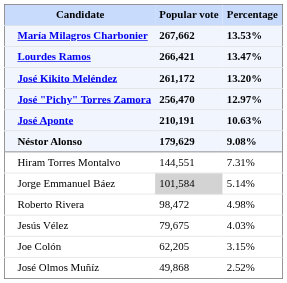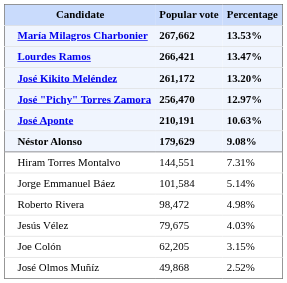 <table style="border: 1px solid #666666; border-collapse: collapse" align="center" cellpadding="6">
 <tr style="background-color: #C9DBFC">
 <th colspan="2">Candidate</th>
 <th>Popular vote</th>
 <th>Percentage</th>
 </tr>
 <tr style="background-color: #F0F5FE">
 <td style="border-top: 1px solid #DDDDDD"></td>
 <td style="border-top: 1px solid #DDDDDD"><strong><a href='#'>María Milagros Charbonier</a></strong></td>
 <td style="border-top: 1px solid #DDDDDD"><strong>267,662</strong></td>
 <td style="border-top: 1px solid #DDDDDD"><strong>13.53%</strong></td>
 </tr>
 <tr style="background-color: #F0F5FE">
 <td style="border-top: 1px solid #DDDDDD"></td>
 <td style="border-top: 1px solid #DDDDDD"><strong><a href='#'>Lourdes Ramos</a></strong></td>
 <td style="border-top: 1px solid #DDDDDD"><strong>266,421</strong></td>
 <td style="border-top: 1px solid #DDDDDD"><strong>13.47%</strong></td>
 </tr>
 <tr style="background-color: #F0F5FE">
 <td style="border-top: 1px solid #DDDDDD"></td>
 <td style="border-top: 1px solid #DDDDDD"><strong><a href='#'>José Kikito Meléndez</a></strong></td>
 <td style="border-top: 1px solid #DDDDDD"><strong>261,172</strong></td>
 <td style="border-top: 1px solid #DDDDDD"><strong>13.20%</strong></td>
 </tr>
 <tr style="background-color: #F0F5FE">
 <td style="border-top: 1px solid #DDDDDD"></td>
 <td style="border-top: 1px solid #DDDDDD"><strong><a href='#'>José "Pichy" Torres Zamora</a></strong></td>
 <td style="border-top: 1px solid #DDDDDD"><strong>256,470</strong></td>
 <td style="border-top: 1px solid #DDDDDD"><strong>12.97%</strong></td>
 </tr>
 <tr style="background-color: #F0F5FE">
 <td style="border-top: 1px solid #DDDDDD"></td>
 <td style="border-top: 1px solid #DDDDDD"><strong><a href='#'>José Aponte</a></strong></td>
 <td style="border-top: 1px solid #DDDDDD"><strong>210,191</strong></td>
 <td style="border-top: 1px solid #DDDDDD"><strong>10.63%</strong></td>
 </tr>
 <tr style="background-color: #F0F5FE">
 <td style="border-top: 1px solid #DDDDDD"></td>
 <td style="border-top: 1px solid #DDDDDD"><strong>Néstor Alonso</strong></td>
 <td style="border-top: 1px solid #DDDDDD"><strong>179,629</strong></td>
 <td style="border-top: 1px solid #DDDDDD"><strong>9.08%</strong></td>
 </tr>
 <tr>
 <td style="border-top: 1px solid #666666"></td>
 <td style="border-top: 1px solid #666666">Hiram Torres Montalvo</td>
 <td style="border-top: 1px solid #666666">144,551</td>
 <td style="border-top: 1px solid #666666">7.31%</td>
 </tr>
 <tr>
 <td style="border-top: 1px solid #DDDDDD"></td>
 <td style="border-top: 1px solid #DDDDDD">Jorge Emmanuel Báez</td>
-<td style="background: lightgrey; border-top: 1px solid #DDDDDD">101,584</td>
+<td style="border-top: 1px solid #DDDDDD">101,584</td>
 <td style="border-top: 1px solid #DDDDDD">5.14%</td>
 </tr>
 <tr>
 <td style="border-top: 1px solid #DDDDDD"></td>
 <td style="border-top: 1px solid #DDDDDD">Roberto Rivera</td>
 <td style="border-top: 1px solid #DDDDDD">98,472</td>
 <td style="border-top: 1px solid #DDDDDD">4.98%</td>
 </tr>
 <tr>
 <td style="border-top: 1px solid #DDDDDD"></td>
 <td style="border-top: 1px solid #DDDDDD">Jesús Vélez</td>
 <td style="border-top: 1px solid #DDDDDD">79,675</td>
 <td style="border-top: 1px solid #DDDDDD">4.03%</td>
 </tr>
 <tr>
 <td style="border-top: 1px solid #DDDDDD"></td>
 <td style="border-top: 1px solid #DDDDDD">Joe Colón</td>
 <td style="border-top: 1px solid #DDDDDD">62,205</td>
 <td style="border-top: 1px solid #DDDDDD">3.15%</td>
 </tr>
 <tr>
 <td style="border-top: 1px solid #DDDDDD"></td>
 <td style="border-top: 1px solid #DDDDDD">José Olmos Muñíz</td>
 <td style="border-top: 1px solid #DDDDDD">49,868</td>
 <td style="border-top: 1px solid #DDDDDD">2.52%</td>
 </tr>
 </table>
